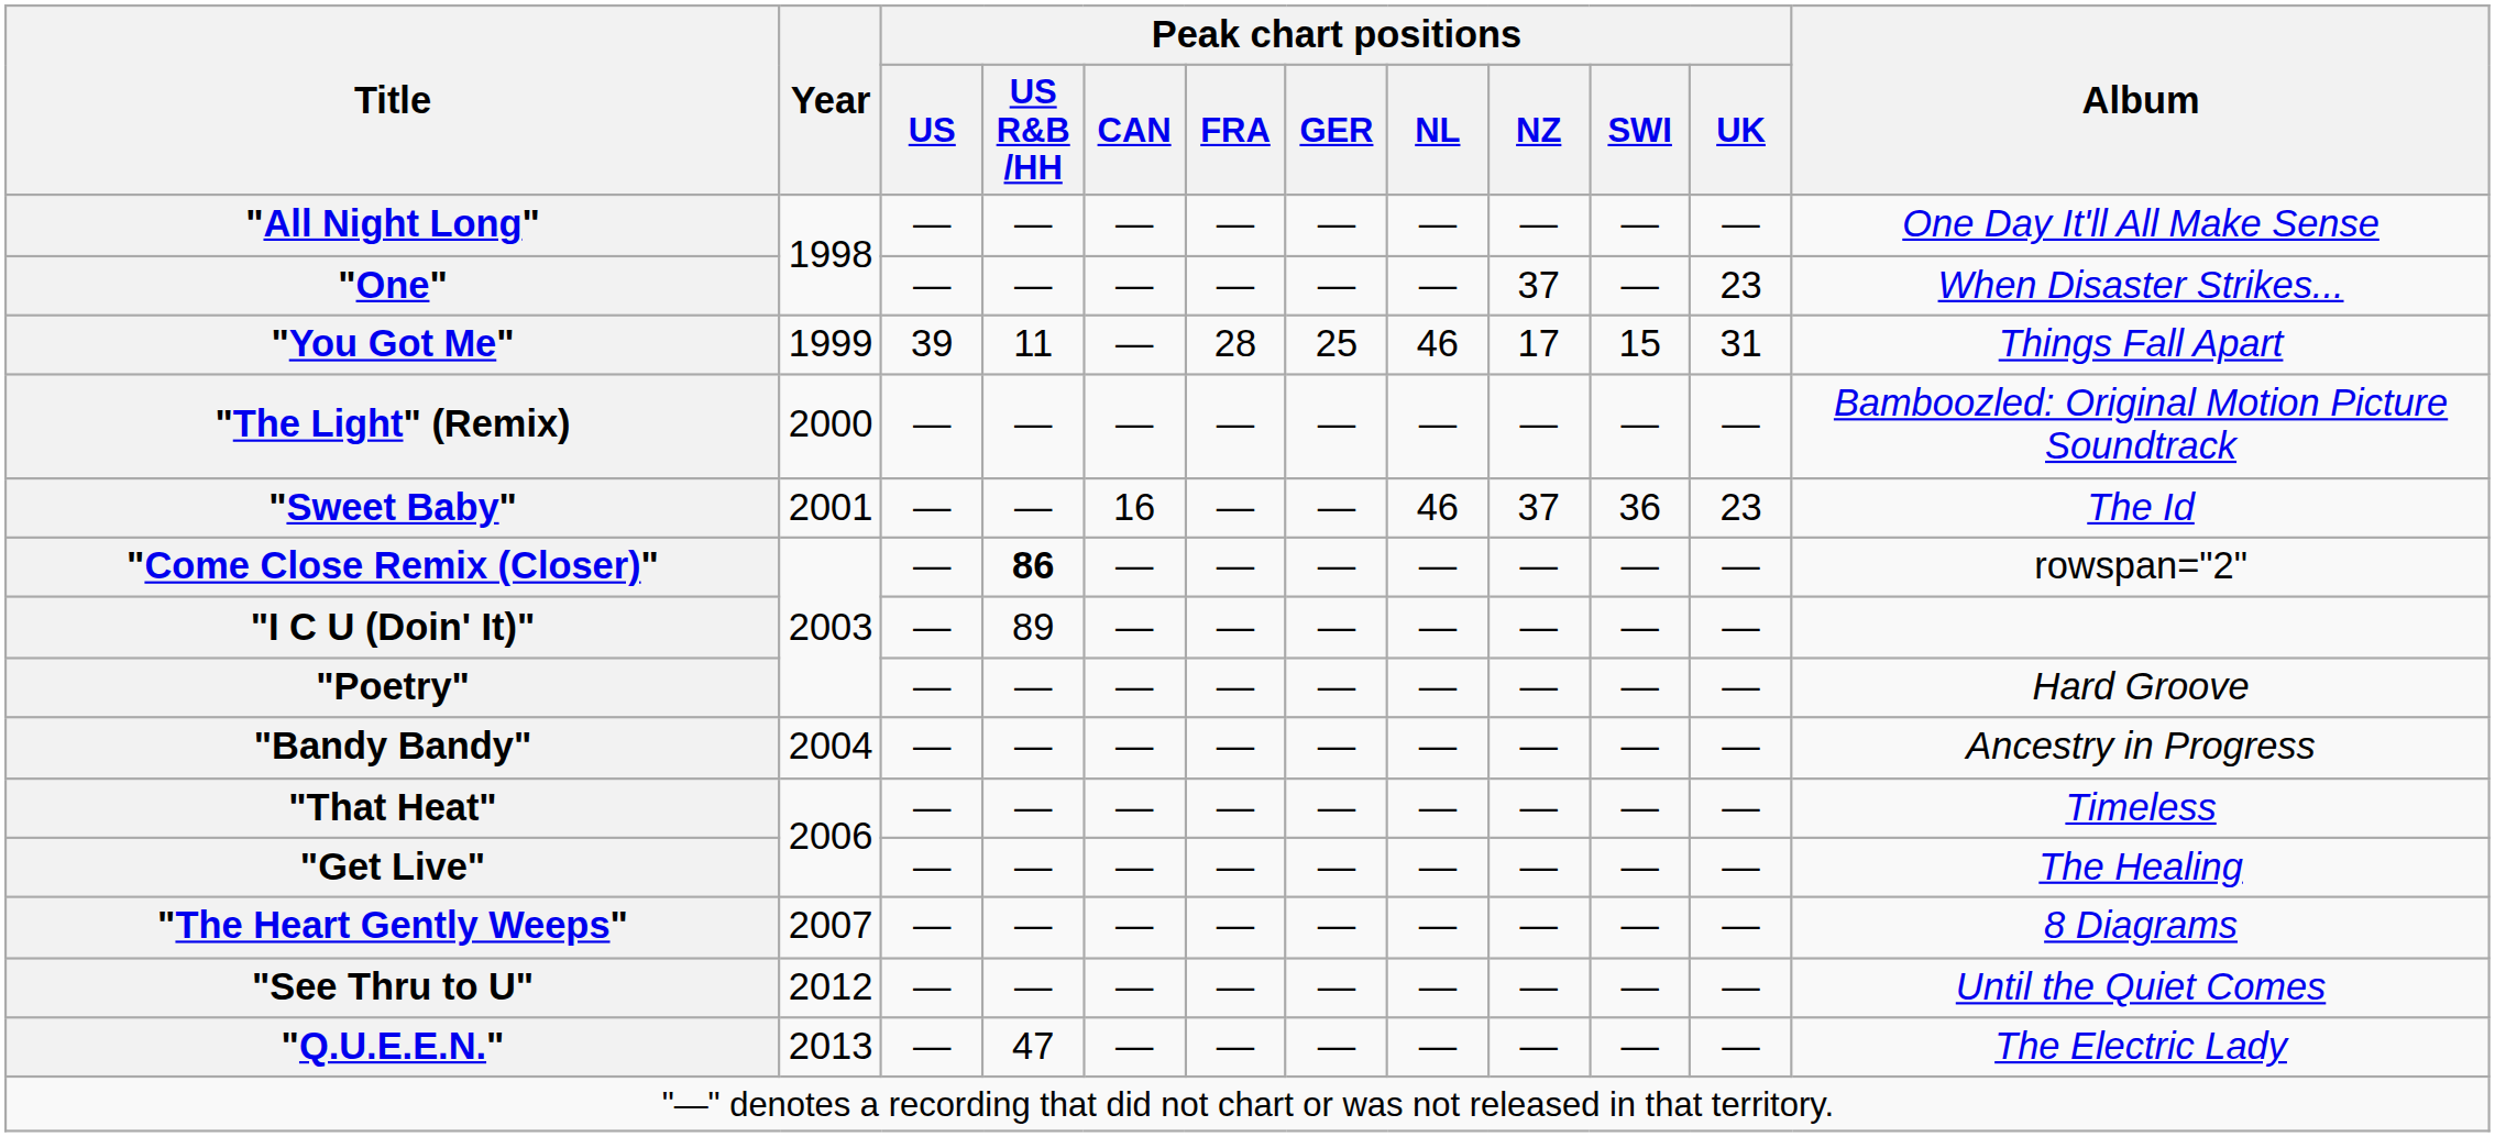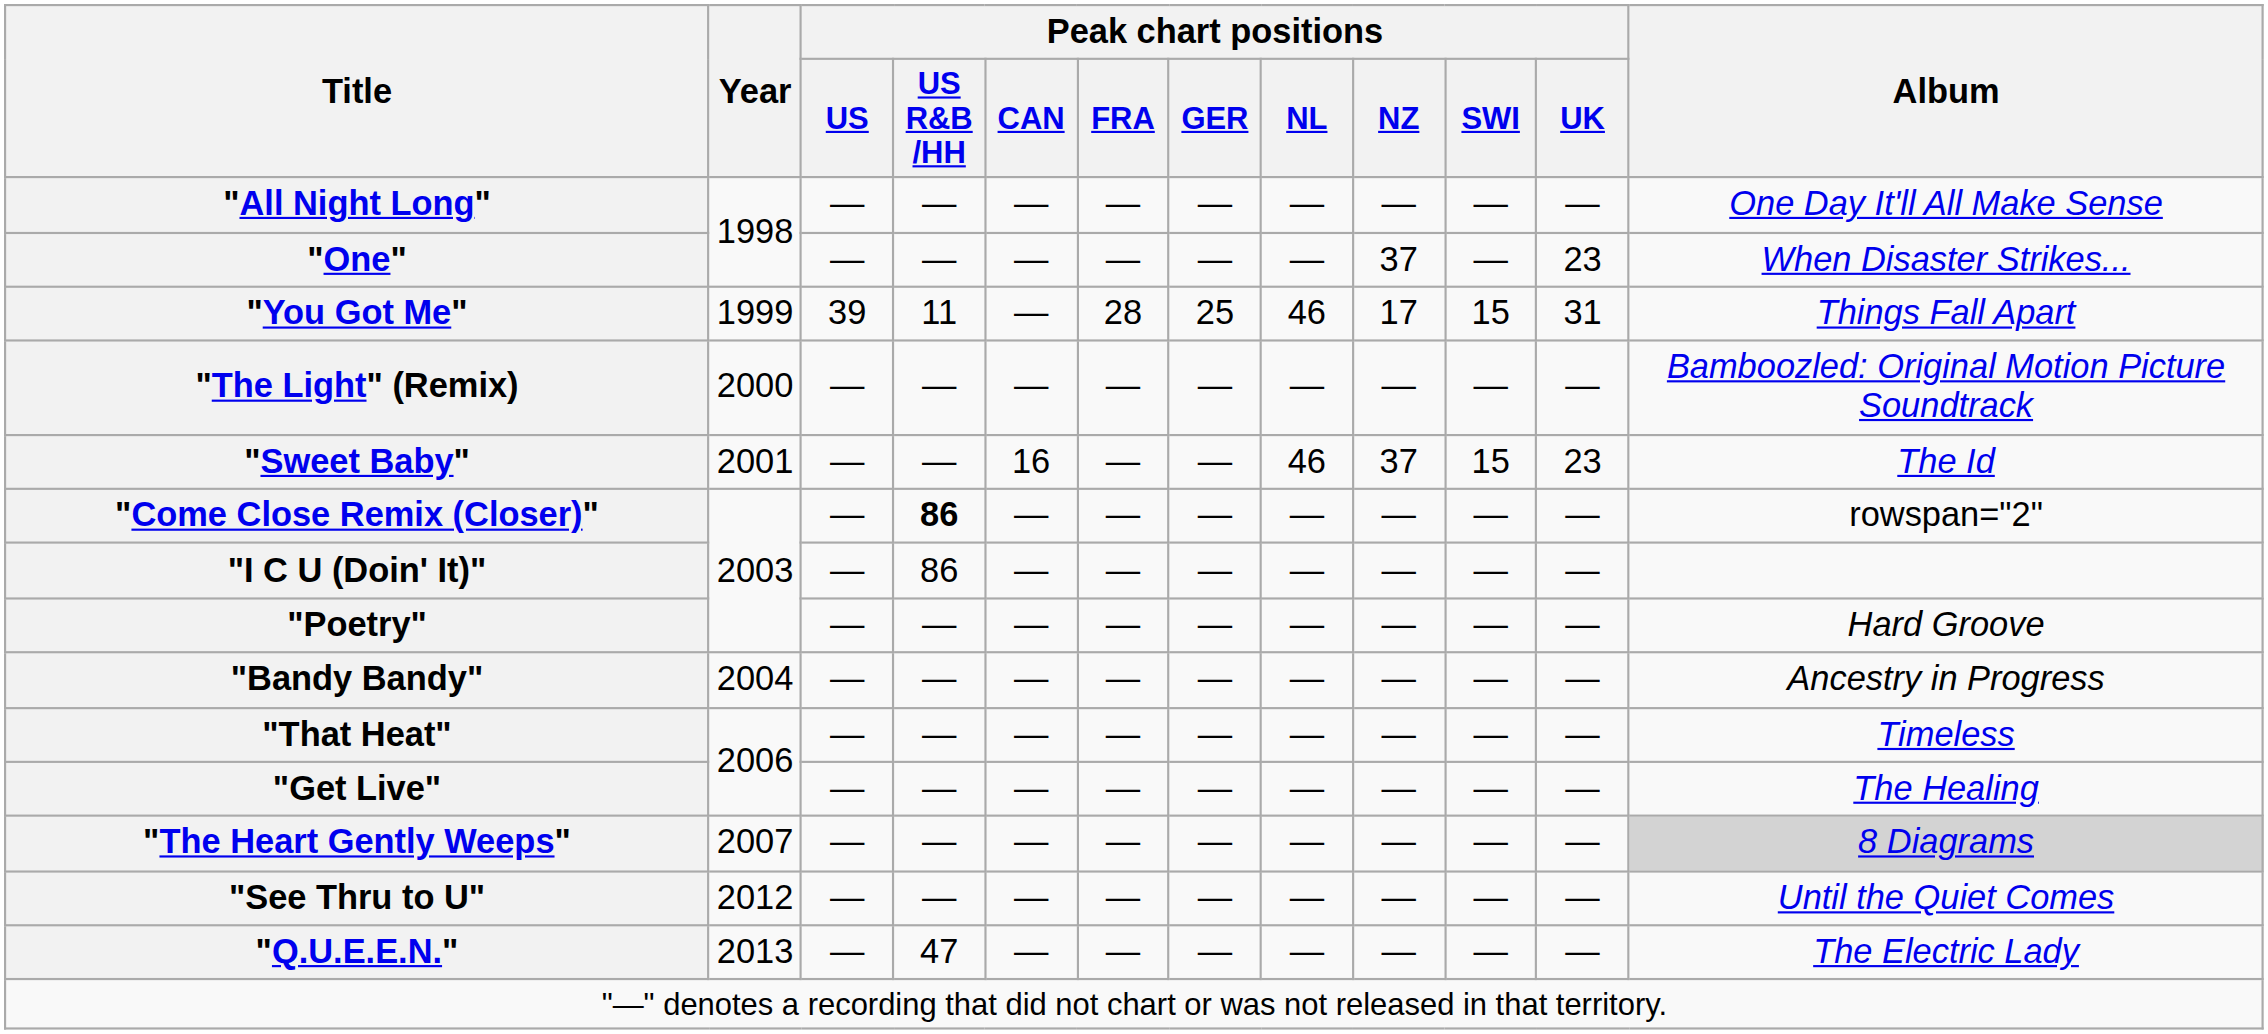 <table class="wikitable plainrowheaders" style="text-align:center;">
 <tr>
 <th scope="col" rowspan="2" style="width:20em;">Title</th>
 <th scope="col" rowspan="2" style="width:1em;">Year</th>
 <th scope="col" colspan="9">Peak chart positions</th>
 <th scope="col" rowspan="2" style="width:18em;">Album</th>
 </tr>
 <tr>
 <th scope="col" style="width:2.5em;font-size:90%;"><a href='#'>US</a><br></th>
 <th scope="col" style="width:2.5em;font-size:90%;"><a href='#'>US R&B<br>/HH</a><br></th>
 <th scope="col" style="width:2.5em;font-size:90%;"><a href='#'>CAN</a><br></th>
 <th scope="col" style="width:2.5em;font-size:90%;"><a href='#'>FRA</a><br></th>
 <th scope="col" style="width:2.5em;font-size:90%;"><a href='#'>GER</a><br></th>
 <th scope="col" style="width:2.5em;font-size:90%;"><a href='#'>NL</a><br></th>
 <th scope="col" style="width:2.5em;font-size:90%;"><a href='#'>NZ</a><br></th>
 <th scope="col" style="width:2.5em;font-size:90%;"><a href='#'>SWI</a><br></th>
 <th scope="col" style="width:2.5em;font-size:90%;"><a href='#'>UK</a><br></th>
 </tr>
 <tr>
 <th scope="row">"<a href='#'>All Night Long</a>" <br> </th>
 <td rowspan="2">1998</td>
 <td>—</td>
 <td>—</td>
 <td>—</td>
 <td>—</td>
 <td>—</td>
 <td>—</td>
 <td>—</td>
 <td>—</td>
 <td>—</td>
 <td><em><a href='#'>One Day It'll All Make Sense</a></em></td>
 </tr>
 <tr>
 <th scope="row">"<a href='#'>One</a>" <br> </th>
 <td>—</td>
 <td>—</td>
 <td>—</td>
 <td>—</td>
 <td>—</td>
 <td>—</td>
 <td>37</td>
 <td>—</td>
 <td>23</td>
 <td><em><a href='#'>When Disaster Strikes...</a></em></td>
 </tr>
 <tr>
 <th scope="row">"<a href='#'>You Got Me</a>" <br> </th>
 <td>1999</td>
 <td>39</td>
 <td>11</td>
 <td>—</td>
 <td>28</td>
 <td>25</td>
 <td>46</td>
 <td>17</td>
 <td>15</td>
 <td>31</td>
 <td><em><a href='#'>Things Fall Apart</a></em></td>
 </tr>
 <tr>
 <th scope="row">"<a href='#'>The Light</a>" (Remix) <br> </th>
 <td>2000</td>
 <td>—</td>
 <td>—</td>
 <td>—</td>
 <td>—</td>
 <td>—</td>
 <td>—</td>
 <td>—</td>
 <td>—</td>
 <td>—</td>
 <td><em><a href='#'>Bamboozled: Original Motion Picture Soundtrack</a></em></td>
 </tr>
 <tr>
 <th scope="row">"<a href='#'>Sweet Baby</a>" <br> </th>
 <td>2001</td>
 <td>—</td>
 <td>—</td>
 <td>16</td>
 <td>—</td>
 <td>—</td>
 <td>46</td>
 <td>37</td>
-<td>36</td>
+<td>15</td>
 <td>23</td>
 <td><em><a href='#'>The Id</a></em></td>
 </tr>
 <tr>
 <th scope="row">"<a href='#'>Come Close Remix (Closer)</a>" <br> </th>
 <td rowspan="3">2003</td>
 <td>—</td>
 <td><strong>86</strong></td>
 <td>—</td>
 <td>—</td>
 <td>—</td>
 <td>—</td>
 <td>—</td>
 <td>—</td>
 <td>—</td>
 <td>rowspan="2" </td>
 </tr>
 <tr>
 <th scope="row">"I C U (Doin' It)" <br> </th>
 <td>—</td>
-<td>89</td>
+<td>86</td>
 <td>—</td>
 <td>—</td>
 <td>—</td>
 <td>—</td>
 <td>—</td>
 <td>—</td>
 <td>—</td>
 </tr>
 <tr>
 <th scope="row">"Poetry"<br> </th>
 <td>—</td>
 <td>—</td>
 <td>—</td>
 <td>—</td>
 <td>—</td>
 <td>—</td>
 <td>—</td>
 <td>—</td>
 <td>—</td>
 <td><em>Hard Groove</em></td>
 </tr>
 <tr>
 <th scope="row">"Bandy Bandy" <br> </th>
 <td>2004</td>
 <td>—</td>
 <td>—</td>
 <td>—</td>
 <td>—</td>
 <td>—</td>
 <td>—</td>
 <td>—</td>
 <td>—</td>
 <td>—</td>
 <td><em>Ancestry in Progress</em></td>
 </tr>
 <tr>
 <th scope="row">"That Heat" <br> </th>
 <td rowspan="2">2006</td>
 <td>—</td>
 <td>—</td>
 <td>—</td>
 <td>—</td>
 <td>—</td>
 <td>—</td>
 <td>—</td>
 <td>—</td>
 <td>—</td>
 <td><em><a href='#'>Timeless</a></em></td>
 </tr>
 <tr>
 <th scope="row">"Get Live" <br> </th>
 <td>—</td>
 <td>—</td>
 <td>—</td>
 <td>—</td>
 <td>—</td>
 <td>—</td>
 <td>—</td>
 <td>—</td>
 <td>—</td>
 <td><em><a href='#'>The Healing</a></em></td>
 </tr>
 <tr>
 <th scope="row">"<a href='#'>The Heart Gently Weeps</a>" <br> </th>
 <td>2007</td>
 <td>—</td>
 <td>—</td>
 <td>—</td>
 <td>—</td>
 <td>—</td>
 <td>—</td>
 <td>—</td>
 <td>—</td>
 <td>—</td>
-<td><em><a href='#'>8 Diagrams</a></em></td>
+<td style="background: lightgrey;"><em><a href='#'>8 Diagrams</a></em></td>
 </tr>
 <tr>
 <th scope="row">"See Thru to U" <br> </th>
 <td>2012</td>
 <td>—</td>
 <td>—</td>
 <td>—</td>
 <td>—</td>
 <td>—</td>
 <td>—</td>
 <td>—</td>
 <td>—</td>
 <td>—</td>
 <td><em><a href='#'>Until the Quiet Comes</a></em></td>
 </tr>
 <tr>
 <th scope="row">"<a href='#'>Q.U.E.E.N.</a>" <br> </th>
 <td>2013</td>
 <td>—</td>
 <td>47</td>
 <td>—</td>
 <td>—</td>
 <td>—</td>
 <td>—</td>
 <td>—</td>
 <td>—</td>
 <td>—</td>
 <td><em><a href='#'>The Electric Lady</a></em></td>
 </tr>
 <tr>
 <td colspan="12" style="font-size:90%">"—" denotes a recording that did not chart or was not released in that territory.</td>
 </tr>
 </table>
